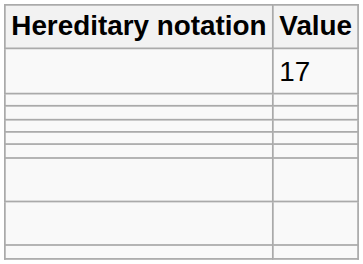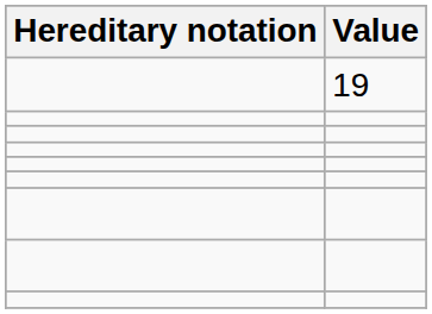 <table class="wikitable" border="1">
 <tr>
 <th>Hereditary notation</th>
 <th>Value</th>
 </tr>
 <tr>
 <td></td>
-<td>17</td>
+<td>19</td>
 </tr>
 <tr>
 <td></td>
 <td></td>
 </tr>
 <tr>
 <td></td>
 <td></td>
 </tr>
 <tr>
 <td></td>
 <td></td>
 </tr>
 <tr>
 <td></td>
 <td></td>
 </tr>
 <tr>
 <td></td>
 <td></td>
 </tr>
 <tr>
 <td><br></td>
 <td></td>
 </tr>
 <tr>
 <td><br></td>
 <td></td>
 </tr>
 <tr align=center>
 <td></td>
 <td></td>
 </tr>
 </table>
